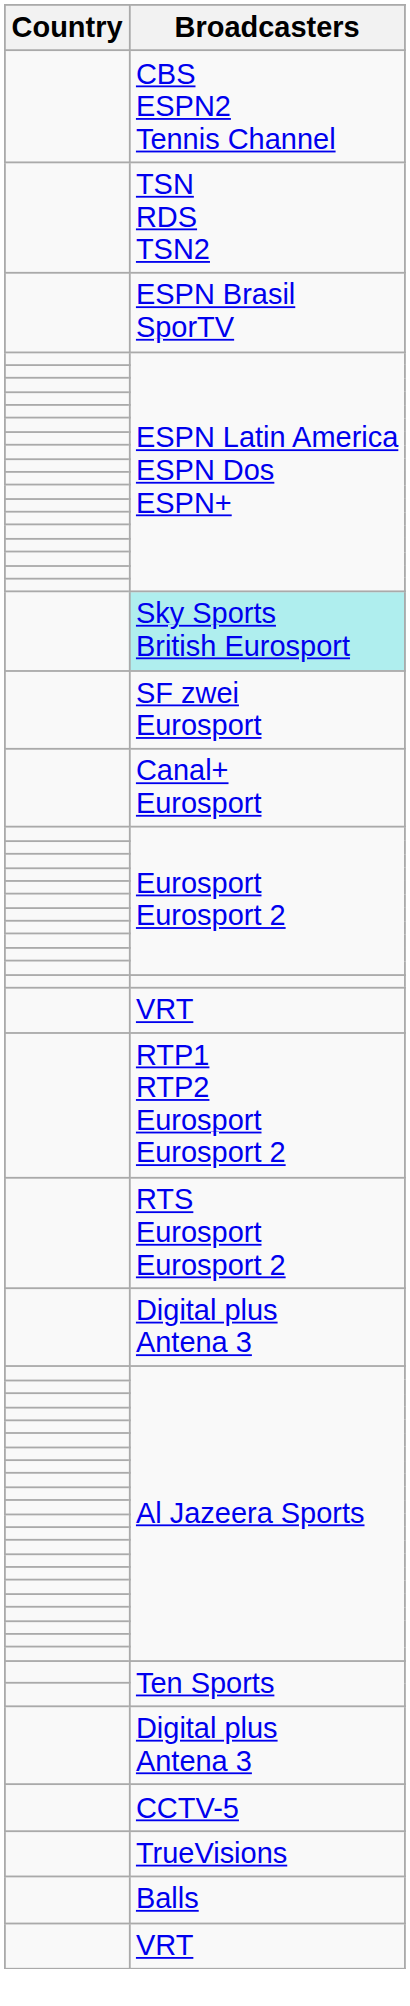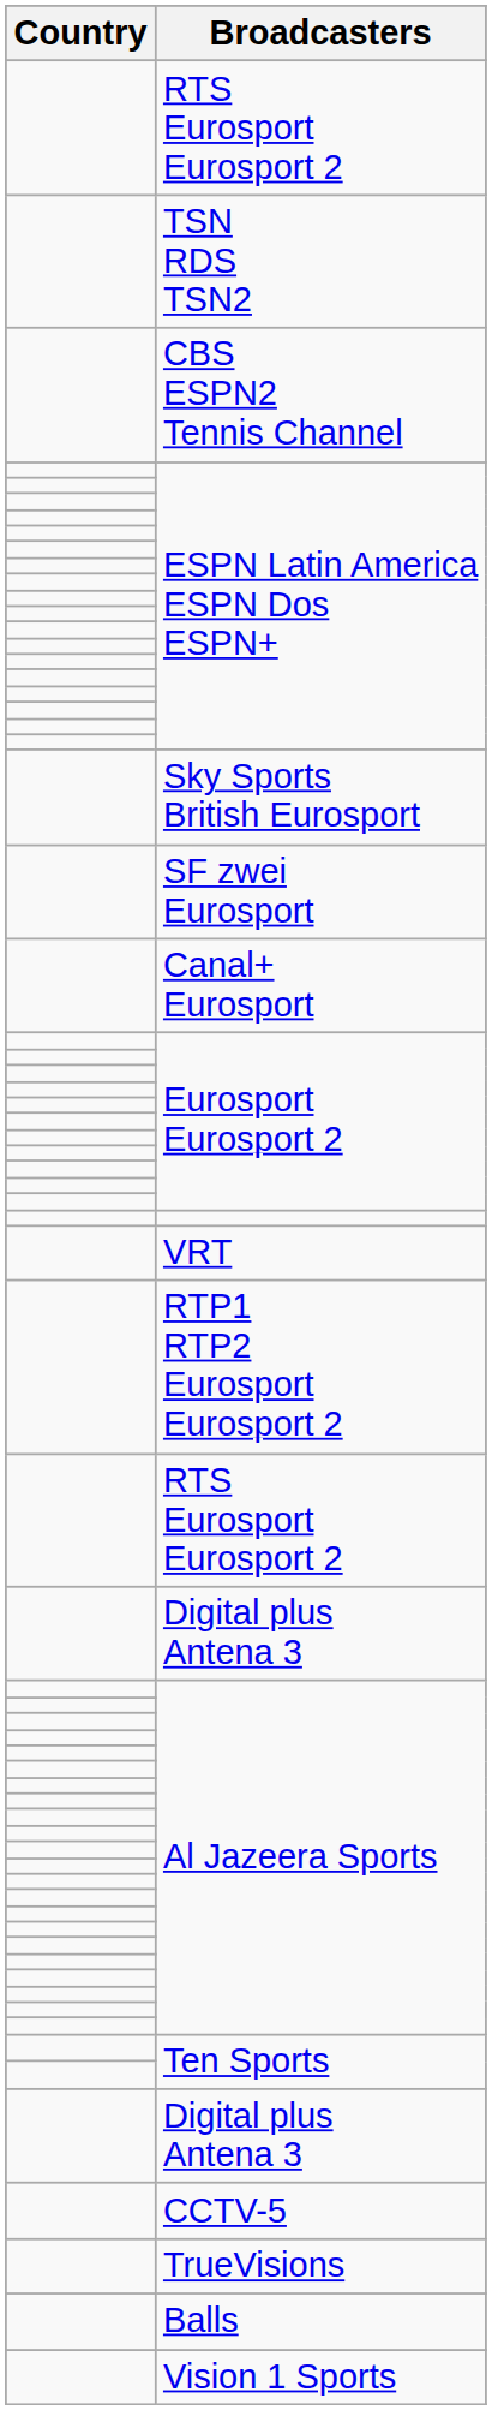 <table class=wikitable>
 <tr>
 <th>Country</th>
 <th>Broadcasters</th>
 </tr>
 <tr>
 <td></td>
-<td><a href='#'>CBS</a><br><a href='#'>ESPN2</a><br><a href='#'>Tennis Channel</a></td>
+<td><a href='#'>RTS</a><br><a href='#'>Eurosport</a><br><a href='#'>Eurosport 2</a></td>
 </tr>
 <tr>
 <td></td>
 <td><a href='#'>TSN</a><br><a href='#'>RDS</a><br><a href='#'>TSN2</a></td>
 </tr>
 <tr>
 <td></td>
-<td><a href='#'>ESPN Brasil</a><br><a href='#'>SporTV</a></td>
+<td><a href='#'>CBS</a><br><a href='#'>ESPN2</a><br><a href='#'>Tennis Channel</a></td>
 </tr>
 <tr>
 <td></td>
 <td rowspan=18><a href='#'>ESPN Latin America</a><br><a href='#'>ESPN Dos</a><br><a href='#'>ESPN+</a></td>
 </tr>
 <tr>
 <td></td>
 </tr>
 <tr>
 <td></td>
 </tr>
 <tr>
 <td></td>
 </tr>
 <tr>
 <td></td>
 </tr>
 <tr>
 <td></td>
 </tr>
 <tr>
 <td></td>
 </tr>
 <tr>
 <td></td>
 </tr>
 <tr>
 <td></td>
 </tr>
 <tr>
 <td></td>
 </tr>
 <tr>
 <td></td>
 </tr>
 <tr>
 <td></td>
 </tr>
 <tr>
 <td></td>
 </tr>
 <tr>
 <td></td>
 </tr>
 <tr>
 <td></td>
 </tr>
 <tr>
 <td></td>
 </tr>
 <tr>
 <td></td>
 </tr>
 <tr>
 <td></td>
 </tr>
 <tr>
 <td></td>
-<td style="background: paleturquoise;"><a href='#'>Sky Sports</a><br><a href='#'>British Eurosport</a></td>
+<td><a href='#'>Sky Sports</a><br><a href='#'>British Eurosport</a></td>
 </tr>
 <tr>
 <td></td>
 <td><a href='#'>SF zwei</a><br><a href='#'>Eurosport</a></td>
 </tr>
 <tr |->
 <td></td>
 <td><a href='#'>Canal+</a><br><a href='#'>Eurosport</a></td>
 </tr>
 <tr>
 <td></td>
 <td rowspan=11><a href='#'>Eurosport</a><br><a href='#'>Eurosport 2</a></td>
 </tr>
 <tr>
 <td></td>
 </tr>
 <tr>
 <td></td>
 </tr>
 <tr>
 <td></td>
 </tr>
 <tr>
 <td></td>
 </tr>
 <tr>
 <td></td>
 </tr>
 <tr>
 <td></td>
 </tr>
 <tr>
 <td></td>
 </tr>
 <tr>
 <td></td>
 </tr>
 <tr>
 <td></td>
 </tr>
 <tr>
 <td></td>
 </tr>
 <tr>
 <td></td>
 </tr>
 <tr>
 <td></td>
 <td><a href='#'>VRT</a></td>
 </tr>
 <tr>
 <td></td>
 <td><a href='#'>RTP1</a><br><a href='#'>RTP2</a><br><a href='#'>Eurosport</a><br><a href='#'>Eurosport 2</a></td>
 </tr>
 <tr>
 <td></td>
 <td><a href='#'>RTS</a><br><a href='#'>Eurosport</a><br><a href='#'>Eurosport 2</a></td>
 </tr>
 <tr>
 <td></td>
 <td><a href='#'>Digital plus</a><br><a href='#'>Antena 3</a></td>
 </tr>
 <tr>
 <td></td>
 <td rowspan=22><a href='#'>Al Jazeera Sports</a></td>
 </tr>
 <tr>
 <td></td>
 </tr>
 <tr>
 <td></td>
 </tr>
 <tr>
 <td></td>
 </tr>
 <tr>
 <td></td>
 </tr>
 <tr>
 <td></td>
 </tr>
 <tr>
 <td></td>
 </tr>
 <tr>
 <td></td>
 </tr>
 <tr>
 <td></td>
 </tr>
 <tr>
 <td></td>
 </tr>
 <tr>
 <td></td>
 </tr>
 <tr>
 <td></td>
 </tr>
 <tr>
 <td></td>
 </tr>
 <tr>
 <td></td>
 </tr>
 <tr>
 <td></td>
 </tr>
 <tr>
 <td></td>
 </tr>
 <tr>
 <td></td>
 </tr>
 <tr>
 <td></td>
 </tr>
 <tr>
 <td></td>
 </tr>
 <tr>
 <td></td>
 </tr>
 <tr>
 <td></td>
 </tr>
 <tr>
 <td></td>
 </tr>
 <tr>
 <td></td>
 <td rowspan=2><a href='#'>Ten Sports</a></td>
 </tr>
 <tr>
 <td></td>
 </tr>
 <tr>
 <td></td>
 <td><a href='#'>Digital plus</a><br><a href='#'>Antena 3</a></td>
 </tr>
 <tr>
 <td></td>
 <td><a href='#'>CCTV-5</a></td>
 </tr>
 <tr>
 <td></td>
 <td><a href='#'>TrueVisions</a></td>
 </tr>
 <tr>
 <td></td>
 <td><a href='#'>Balls</a></td>
 </tr>
 <tr>
 <td></td>
-<td><a href='#'>VRT</a></td>
+<td><a href='#'>Vision 1 Sports</a></td>
 </tr>
 </table>
